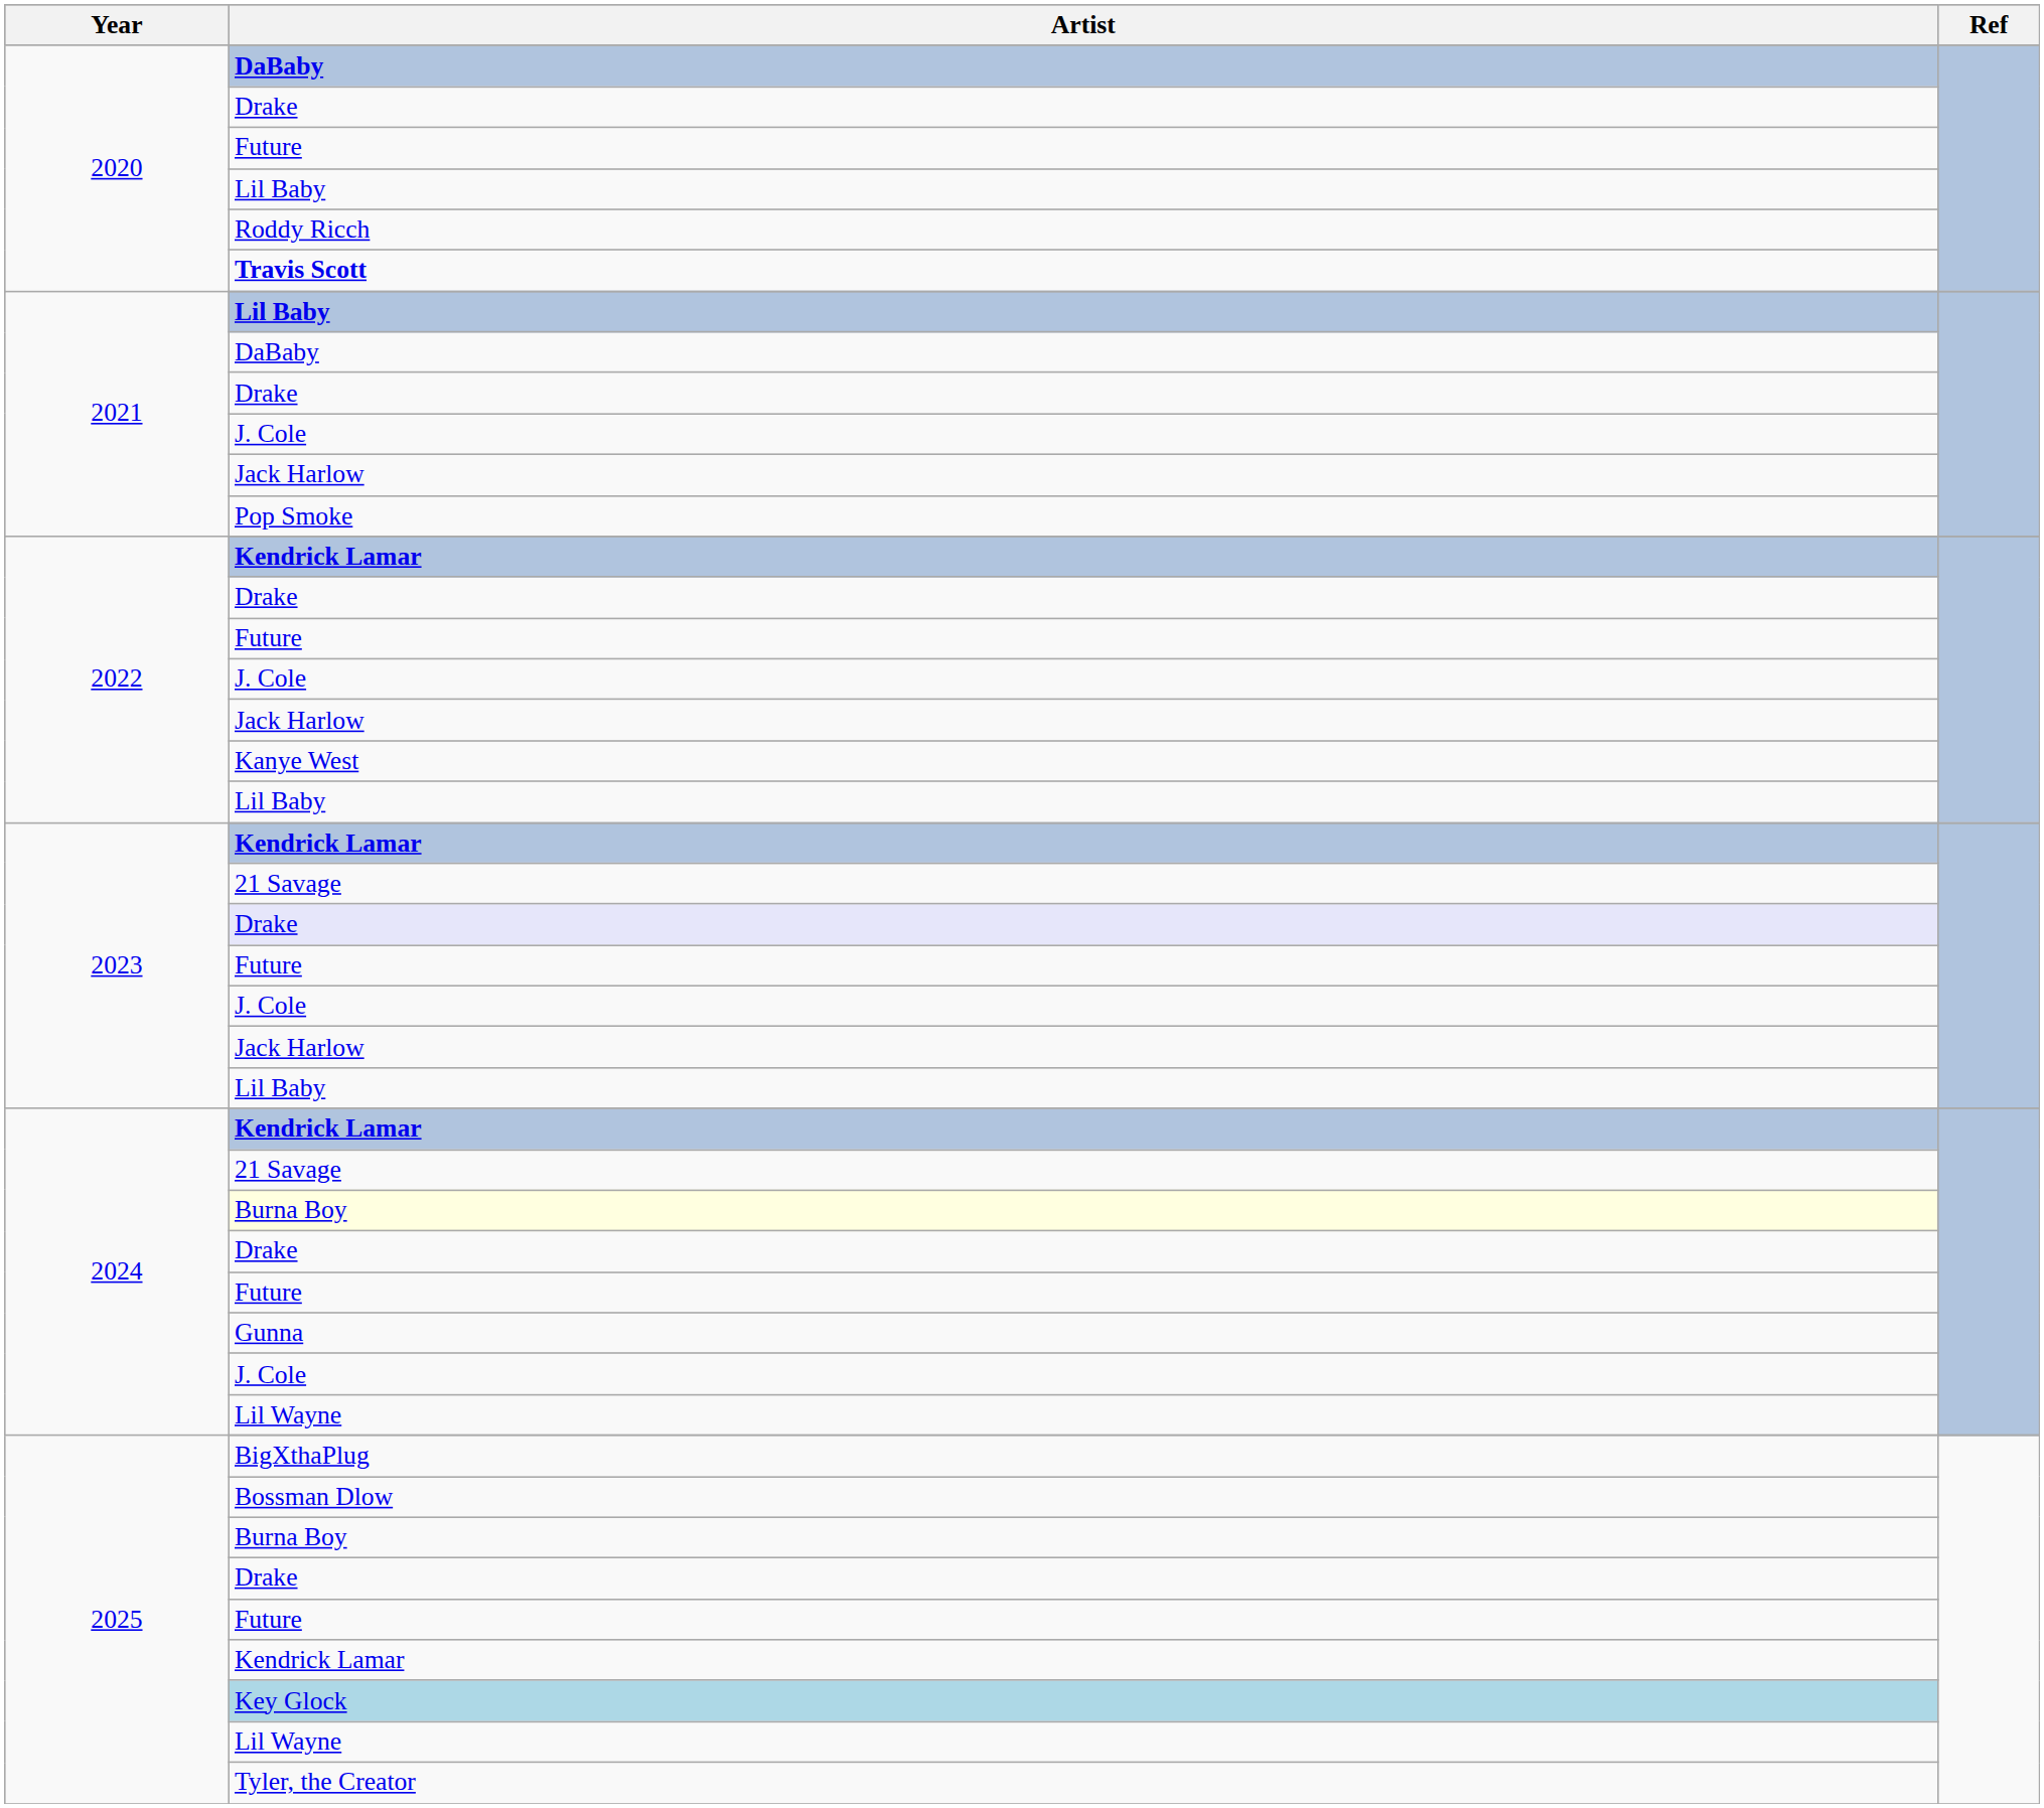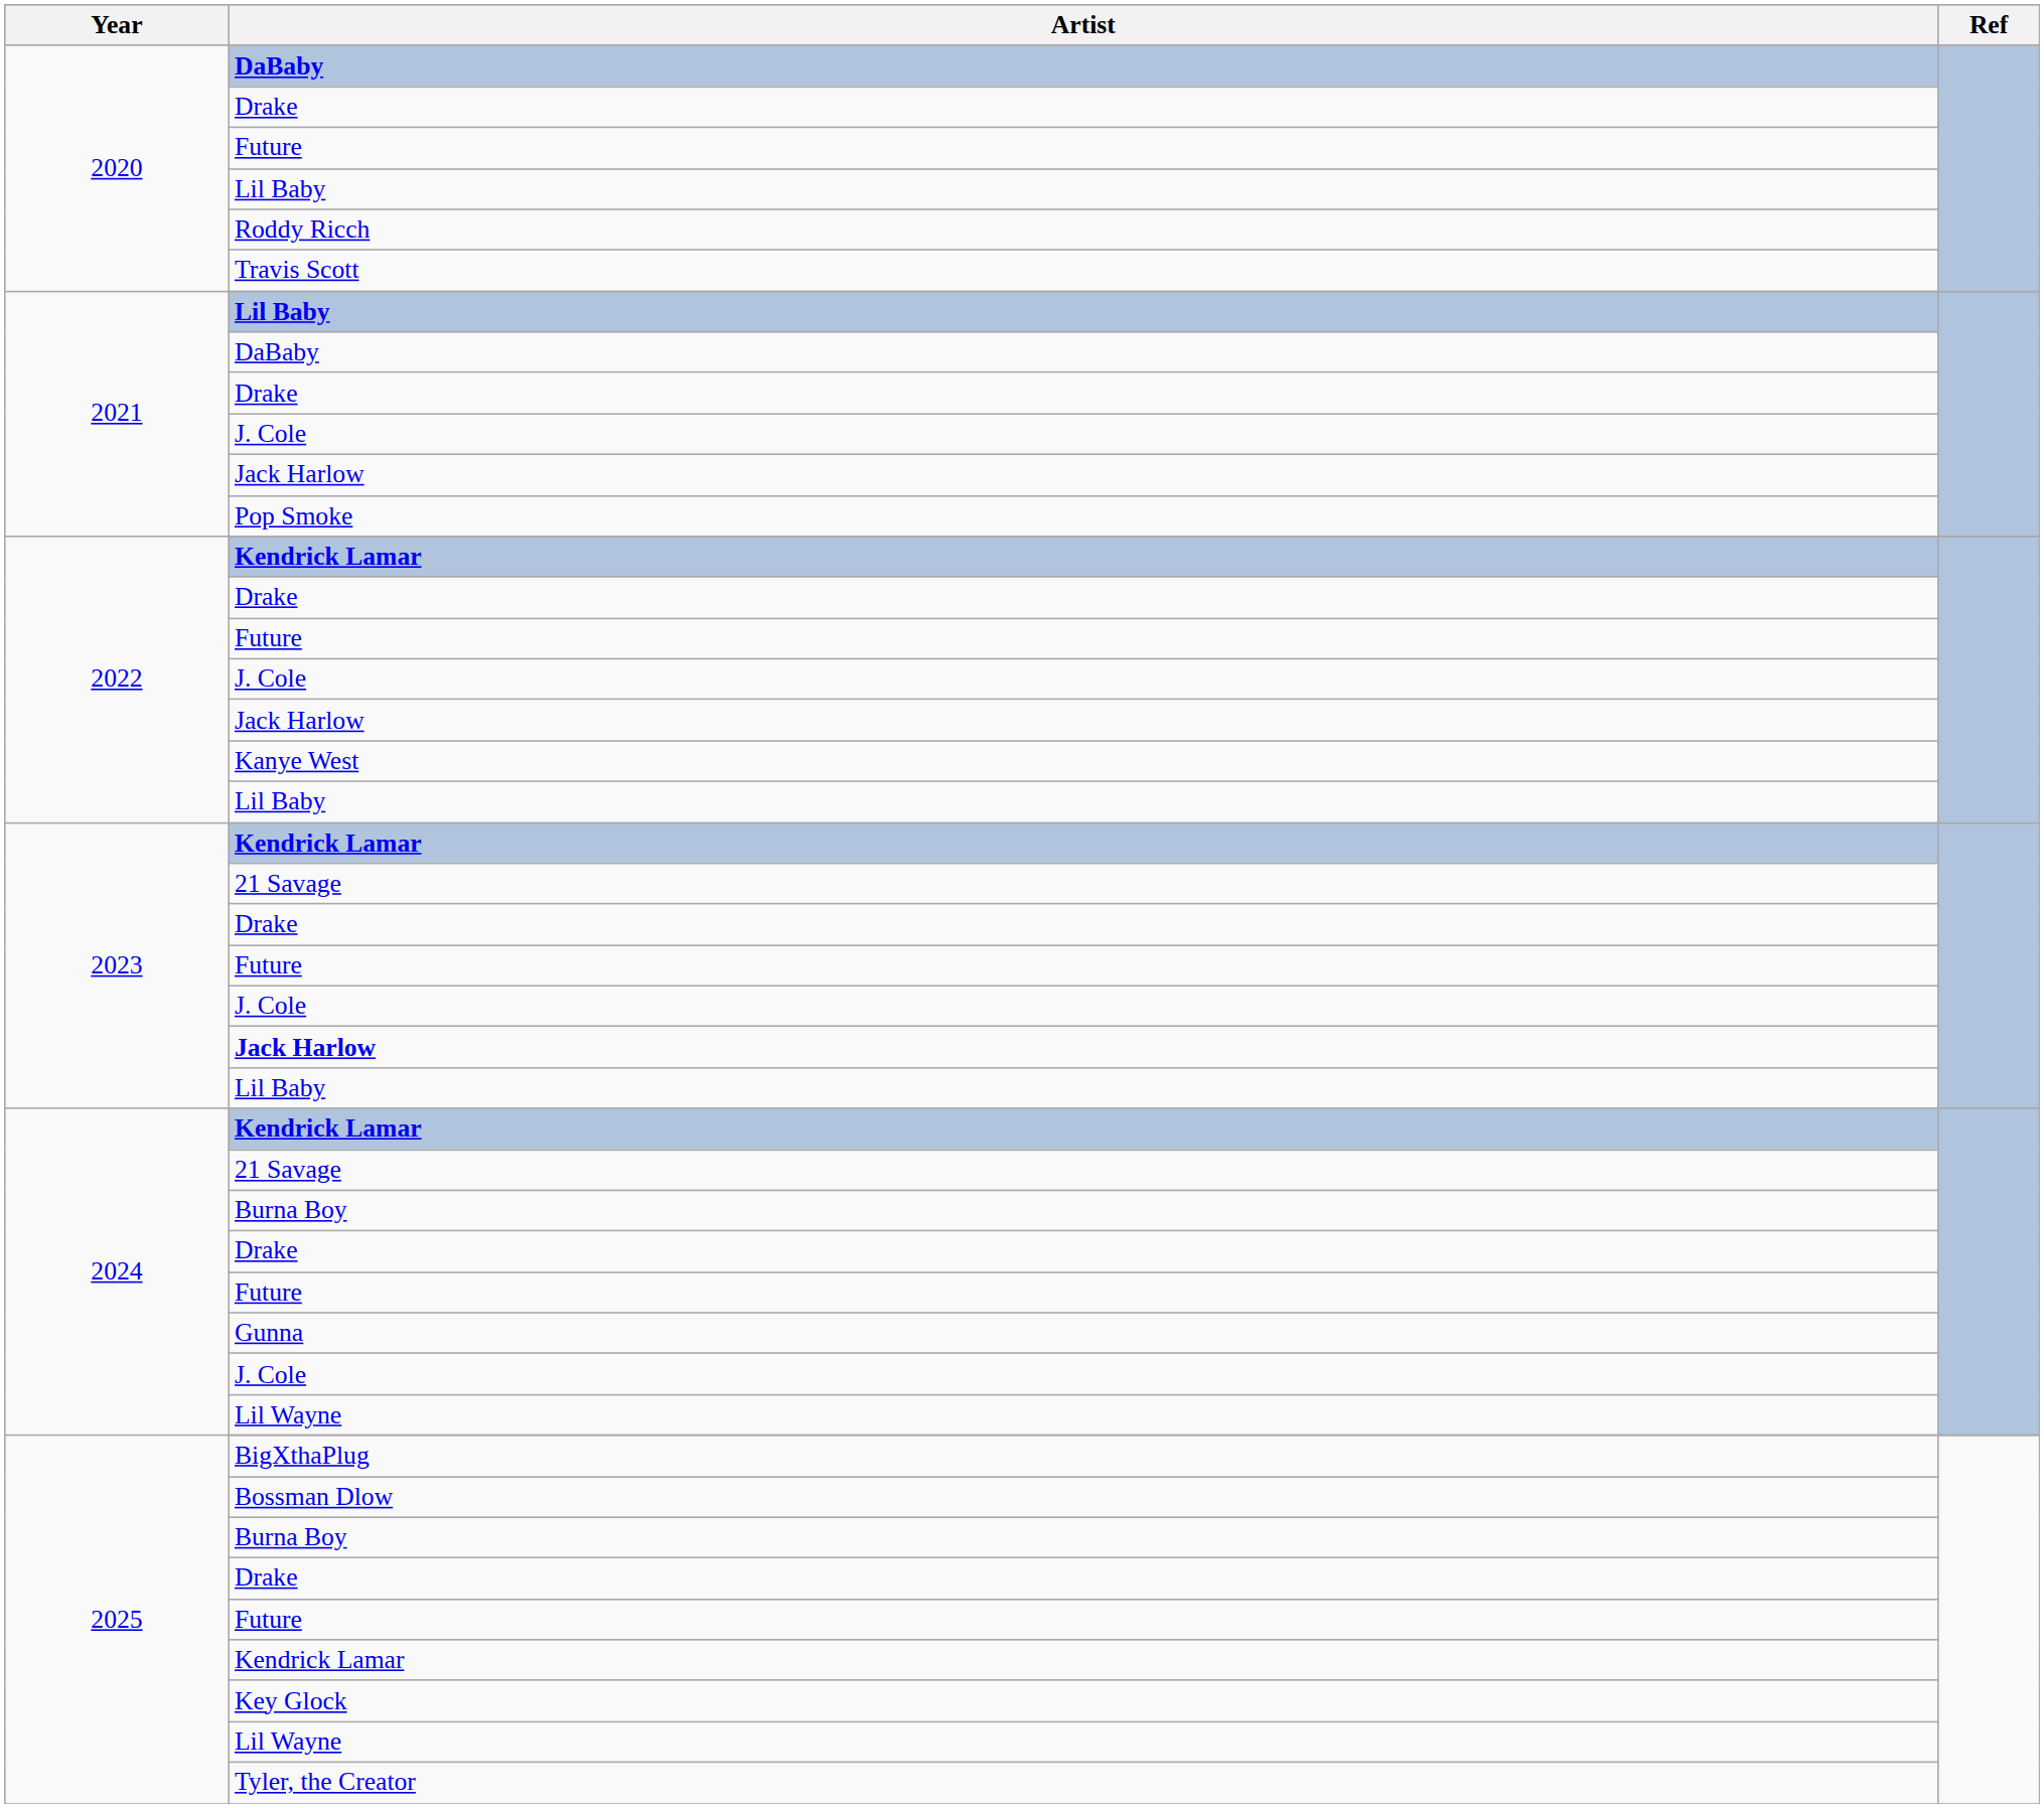 <table class="wikitable" style="width:100%;">
 <tr style="background:#bebebe;">
 <th style="width:11%;">Year</th>
 <th style="width:84%;">Artist</th>
 <th style="width:5%;">Ref</th>
 </tr>
 <tr>
 <td rowspan="7" align="center"><a href='#'>2020</a></td>
 </tr>
 <tr style="background:#B0C4DE">
 <td><strong><a href='#'>DaBaby</a></strong></td>
 <td rowspan="6" align="center"></td>
 </tr>
 <tr>
 <td><a href='#'>Drake</a></td>
 </tr>
 <tr>
 <td><a href='#'>Future</a></td>
 </tr>
 <tr>
 <td><a href='#'>Lil Baby</a></td>
 </tr>
 <tr>
 <td><a href='#'>Roddy Ricch</a></td>
 </tr>
 <tr>
-<td><strong><a href='#'>Travis Scott</a></strong></td>
+<td><a href='#'>Travis Scott</a></td>
 </tr>
 <tr>
 <td rowspan="7" align="center"><a href='#'>2021</a></td>
 </tr>
 <tr style="background:#B0C4DE">
 <td><strong><a href='#'>Lil Baby</a></strong></td>
 <td rowspan="6" align="center"></td>
 </tr>
 <tr>
 <td><a href='#'>DaBaby</a></td>
 </tr>
 <tr>
 <td><a href='#'>Drake</a></td>
 </tr>
 <tr>
 <td><a href='#'>J. Cole</a></td>
 </tr>
 <tr>
 <td><a href='#'>Jack Harlow</a></td>
 </tr>
 <tr>
 <td><a href='#'>Pop Smoke</a></td>
 </tr>
 <tr>
 <td rowspan="8" align="center"><a href='#'>2022</a></td>
 </tr>
 <tr style="background:#B0C4DE">
 <td><strong><a href='#'>Kendrick Lamar</a></strong></td>
 <td rowspan="7" align="center"></td>
 </tr>
 <tr>
 <td><a href='#'>Drake</a></td>
 </tr>
 <tr>
 <td><a href='#'>Future</a></td>
 </tr>
 <tr>
 <td><a href='#'>J. Cole</a></td>
 </tr>
 <tr>
 <td><a href='#'>Jack Harlow</a></td>
 </tr>
 <tr>
 <td><a href='#'>Kanye West</a></td>
 </tr>
 <tr>
 <td><a href='#'>Lil Baby</a></td>
 </tr>
 <tr>
 <td rowspan="8" align="center"><a href='#'>2023</a></td>
 </tr>
 <tr style="background:#B0C4DE">
 <td><strong><a href='#'>Kendrick Lamar</a></strong></td>
 <td rowspan="7" align="center"></td>
 </tr>
 <tr>
 <td><a href='#'>21 Savage</a></td>
 </tr>
 <tr>
-<td style="background: lavender;"><a href='#'>Drake</a></td>
+<td><a href='#'>Drake</a></td>
 </tr>
 <tr>
 <td><a href='#'>Future</a></td>
 </tr>
 <tr>
 <td><a href='#'>J. Cole</a></td>
 </tr>
 <tr>
-<td><a href='#'>Jack Harlow</a></td>
+<td><strong><a href='#'>Jack Harlow</a></strong></td>
 </tr>
 <tr>
 <td><a href='#'>Lil Baby</a></td>
 </tr>
 <tr>
 <td rowspan="9" align="center"><a href='#'>2024</a></td>
 </tr>
 <tr style="background:#B0C4DE">
 <td><strong><a href='#'>Kendrick Lamar</a></strong></td>
 <td rowspan="8" align="center"></td>
 </tr>
 <tr>
 <td><a href='#'>21 Savage</a></td>
 </tr>
 <tr>
-<td style="background: lightyellow;"><a href='#'>Burna Boy</a></td>
+<td><a href='#'>Burna Boy</a></td>
 </tr>
 <tr>
 <td><a href='#'>Drake</a></td>
 </tr>
 <tr>
 <td><a href='#'>Future</a></td>
 </tr>
 <tr>
 <td><a href='#'>Gunna</a></td>
 </tr>
 <tr>
 <td><a href='#'>J. Cole</a></td>
 </tr>
 <tr>
 <td><a href='#'>Lil Wayne</a></td>
 </tr>
 <tr>
 <td rowspan="10" align="center"><a href='#'>2025</a></td>
 </tr>
 <tr>
 <td><a href='#'>BigXthaPlug</a></td>
 <td rowspan="9" align="center"></td>
 </tr>
 <tr>
 <td><a href='#'>Bossman Dlow</a></td>
 </tr>
 <tr>
 <td><a href='#'>Burna Boy</a></td>
 </tr>
 <tr>
 <td><a href='#'>Drake</a></td>
 </tr>
 <tr>
 <td><a href='#'>Future</a></td>
 </tr>
 <tr>
 <td><a href='#'>Kendrick Lamar</a></td>
 </tr>
 <tr>
-<td style="background: lightblue;"><a href='#'>Key Glock</a></td>
+<td><a href='#'>Key Glock</a></td>
 </tr>
 <tr>
 <td><a href='#'>Lil Wayne</a></td>
 </tr>
 <tr>
 <td><a href='#'>Tyler, the Creator</a></td>
 </tr>
 </table>
